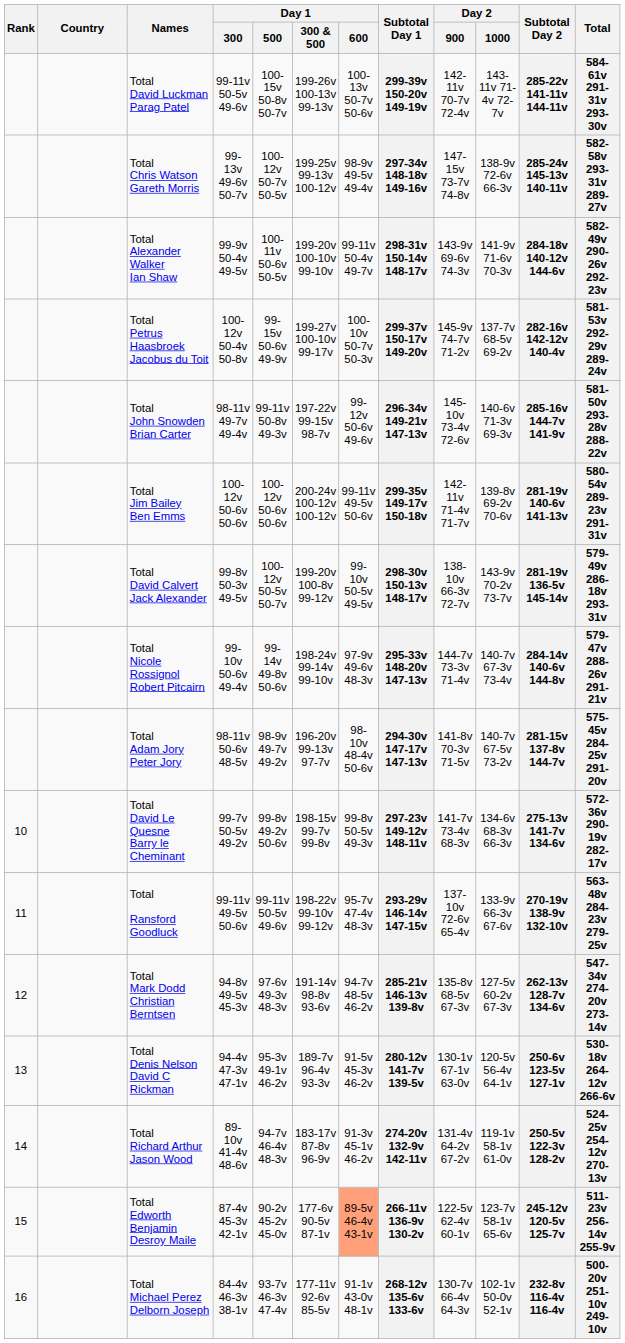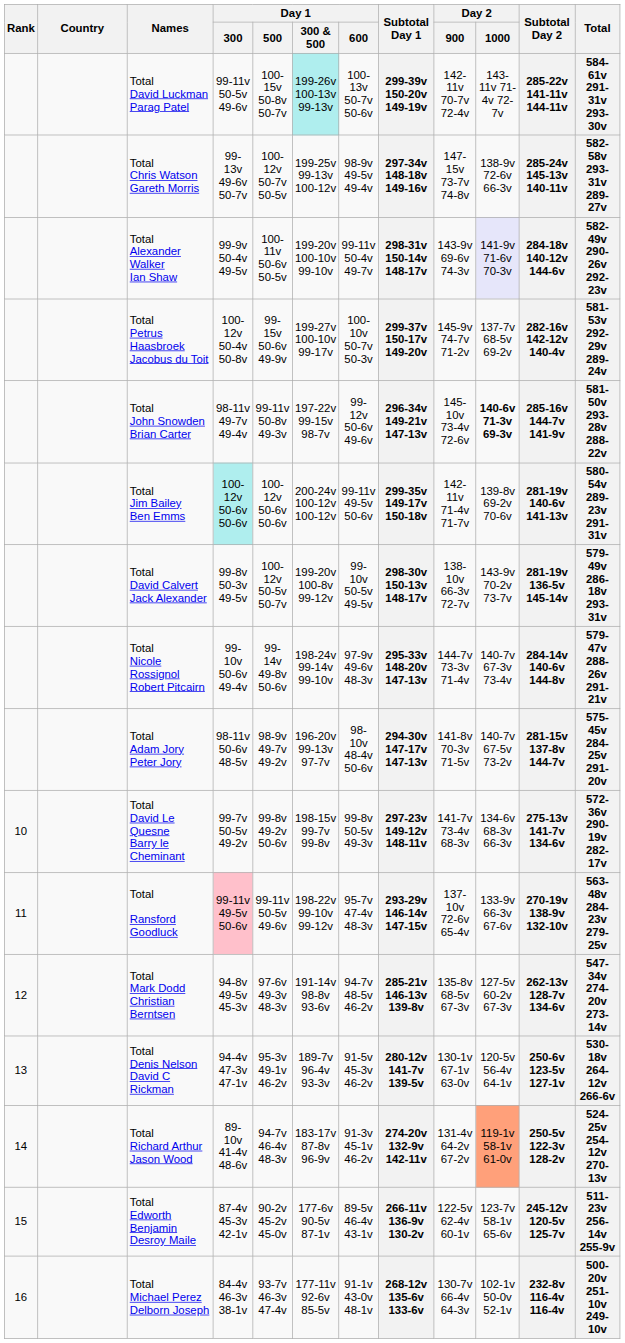 <table class="wikitable sortable" style="text-align:center;">
 <tr>
 <th rowspan=2>Rank</th>
 <th style="width:12em;" rowspan=2>Country</th>
 <th style="width:10em;" rowspan=2>Names</th>
 <th style="width:20em;" colspan=4>Day 1</th>
 <th style="width:5em;" rowspan=2>Subtotal<br>Day 1</th>
 <th style="width:10em;" colspan=2>Day 2</th>
 <th style="width:5em;" rowspan=2>Subtotal<br>Day 2</th>
 <th style="width:5em;" rowspan=2>Total</th>
 </tr>
 <tr>
 <th style="width:3em;">300</th>
 <th style="width:3em;">500</th>
 <th style="width:4em;">300 & 500</th>
 <th style="width:3em;">600</th>
 <th style="width:3em;">900</th>
 <th style="width:3em;">1000</th>
 </tr>
 <tr>
 <td></td>
 <td align=left></td>
 <td align=left>Total<br><a href='#'>David Luckman</a><br><a href='#'>Parag Patel</a></td>
 <td>99-11v 50-5v 49-6v</td>
 <td>100-15v 50-8v 50-7v</td>
-<td>199-26v 100-13v 99-13v</td>
+<td style="background: paleturquoise;">199-26v 100-13v 99-13v</td>
 <td>100-13v 50-7v 50-6v</td>
 <th>299-39v 150-20v 149-19v</th>
 <td>142-11v 70-7v 72-4v</td>
 <td>143-11v 71-4v 72-7v</td>
 <th>285-22v 141-11v 144-11v</th>
 <th>584-61v 291-31v 293-30v</th>
 </tr>
 <tr>
 <td></td>
 <td align=left></td>
 <td align=left>Total<br><a href='#'>Chris Watson</a><br><a href='#'>Gareth Morris</a></td>
 <td>99-13v 49-6v 50-7v</td>
 <td>100-12v 50-7v 50-5v</td>
 <td>199-25v 99-13v 100-12v</td>
 <td>98-9v 49-5v 49-4v</td>
 <th>297-34v 148-18v 149-16v</th>
 <td>147-15v 73-7v 74-8v</td>
 <td>138-9v 72-6v 66-3v</td>
 <th>285-24v 145-13v 140-11v</th>
 <th>582-58v 293-31v 289-27v</th>
 </tr>
 <tr>
 <td></td>
 <td align=left></td>
 <td align=left>Total<br><a href='#'>Alexander Walker</a><br><a href='#'>Ian Shaw</a></td>
 <td>99-9v 50-4v 49-5v</td>
 <td>100-11v 50-6v 50-5v</td>
 <td>199-20v 100-10v 99-10v</td>
 <td>99-11v 50-4v 49-7v</td>
 <th>298-31v 150-14v 148-17v</th>
 <td>143-9v 69-6v 74-3v</td>
-<td>141-9v 71-6v 70-3v</td>
+<td style="background: lavender;">141-9v 71-6v 70-3v</td>
 <th>284-18v 140-12v 144-6v</th>
 <th>582-49v 290-26v 292-23v</th>
 </tr>
 <tr>
 <td></td>
 <td align=left></td>
 <td align=left>Total<br><a href='#'>Petrus Haasbroek</a><br><a href='#'>Jacobus du Toit</a></td>
 <td>100-12v 50-4v 50-8v</td>
 <td>99-15v 50-6v 49-9v</td>
 <td>199-27v 100-10v 99-17v</td>
 <td>100-10v 50-7v 50-3v</td>
 <th>299-37v 150-17v 149-20v</th>
 <td>145-9v 74-7v 71-2v</td>
 <td>137-7v 68-5v 69-2v</td>
 <th>282-16v 142-12v 140-4v</th>
 <th>581-53v 292-29v 289-24v</th>
 </tr>
 <tr>
 <td></td>
 <td align=left></td>
 <td align=left>Total<br><a href='#'>John Snowden</a><br><a href='#'>Brian Carter</a></td>
 <td>98-11v 49-7v 49-4v</td>
 <td>99-11v 50-8v 49-3v</td>
 <td>197-22v 99-15v 98-7v</td>
 <td>99-12v 50-6v 49-6v</td>
 <th>296-34v 149-21v 147-13v</th>
 <td>145-10v 73-4v 72-6v</td>
-<td>140-6v 71-3v 69-3v</td>
+<td><strong>140-6v 71-3v 69-3v</strong></td>
 <th>285-16v 144-7v 141-9v</th>
 <th>581-50v 293-28v 288-22v</th>
 </tr>
 <tr>
 <td></td>
 <td align=left></td>
 <td align=left>Total<br><a href='#'>Jim Bailey</a><br><a href='#'>Ben Emms</a></td>
-<td>100-12v 50-6v 50-6v</td>
+<td style="background: paleturquoise;">100-12v 50-6v 50-6v</td>
 <td>100-12v 50-6v 50-6v</td>
 <td>200-24v 100-12v 100-12v</td>
 <td>99-11v 49-5v 50-6v</td>
 <th>299-35v 149-17v 150-18v</th>
 <td>142-11v 71-4v 71-7v</td>
 <td>139-8v 69-2v 70-6v</td>
 <th>281-19v 140-6v 141-13v</th>
 <th>580-54v 289-23v 291-31v</th>
 </tr>
 <tr>
 <td></td>
 <td align=left></td>
 <td align=left>Total<br><a href='#'>David Calvert</a><br><a href='#'>Jack Alexander</a></td>
 <td>99-8v 50-3v 49-5v</td>
 <td>100-12v 50-5v 50-7v</td>
 <td>199-20v 100-8v 99-12v</td>
 <td>99-10v 50-5v 49-5v</td>
 <th>298-30v 150-13v 148-17v</th>
 <td>138-10v 66-3v 72-7v</td>
 <td>143-9v 70-2v 73-7v</td>
 <th>281-19v 136-5v 145-14v</th>
 <th>579-49v 286-18v 293-31v</th>
 </tr>
 <tr>
 <td></td>
 <td align=left></td>
 <td align=left>Total<br><a href='#'>Nicole Rossignol</a><br><a href='#'>Robert Pitcairn</a></td>
 <td>99-10v 50-6v 49-4v</td>
 <td>99-14v 49-8v 50-6v</td>
 <td>198-24v 99-14v 99-10v</td>
 <td>97-9v 49-6v 48-3v</td>
 <th>295-33v 148-20v 147-13v</th>
 <td>144-7v 73-3v 71-4v</td>
 <td>140-7v 67-3v 73-4v</td>
 <th>284-14v 140-6v 144-8v</th>
 <th>579-47v 288-26v 291-21v</th>
 </tr>
 <tr>
 <td></td>
 <td align=left></td>
 <td align=left>Total<br><a href='#'>Adam Jory</a><br><a href='#'>Peter Jory</a></td>
 <td>98-11v 50-6v 48-5v</td>
 <td>98-9v 49-7v 49-2v</td>
 <td>196-20v 99-13v 97-7v</td>
 <td>98-10v 48-4v 50-6v</td>
 <th>294-30v 147-17v 147-13v</th>
 <td>141-8v 70-3v 71-5v</td>
 <td>140-7v 67-5v 73-2v</td>
 <th>281-15v 137-8v 144-7v</th>
 <th>575-45v 284-25v 291-20v</th>
 </tr>
 <tr>
 <td>10</td>
 <td align=left></td>
 <td align=left>Total<br><a href='#'>David Le Quesne</a><br><a href='#'>Barry le Cheminant</a></td>
 <td>99-7v 50-5v 49-2v</td>
 <td>99-8v 49-2v 50-6v</td>
 <td>198-15v 99-7v 99-8v</td>
 <td>99-8v 50-5v 49-3v</td>
 <th>297-23v 149-12v 148-11v</th>
 <td>141-7v 73-4v 68-3v</td>
 <td>134-6v 68-3v 66-3v</td>
 <th>275-13v 141-7v 134-6v</th>
 <th>572-36v 290-19v 282-17v</th>
 </tr>
 <tr>
 <td>11</td>
 <td align=left></td>
 <td align=left>Total<br><br><a href='#'>Ransford Goodluck</a></td>
-<td>99-11v 49-5v 50-6v</td>
+<td style="background: pink;">99-11v 49-5v 50-6v</td>
 <td>99-11v 50-5v 49-6v</td>
 <td>198-22v 99-10v 99-12v</td>
 <td>95-7v 47-4v 48-3v</td>
 <th>293-29v 146-14v 147-15v</th>
 <td>137-10v 72-6v 65-4v</td>
 <td>133-9v 66-3v 67-6v</td>
 <th>270-19v 138-9v 132-10v</th>
 <th>563-48v 284-23v 279-25v</th>
 </tr>
 <tr>
 <td>12</td>
 <td align=left></td>
 <td align=left>Total<br><a href='#'>Mark Dodd</a><br><a href='#'>Christian Berntsen</a></td>
 <td>94-8v 49-5v 45-3v</td>
 <td>97-6v 49-3v 48-3v</td>
 <td>191-14v 98-8v 93-6v</td>
 <td>94-7v 48-5v 46-2v</td>
 <th>285-21v 146-13v 139-8v</th>
 <td>135-8v 68-5v 67-3v</td>
 <td>127-5v 60-2v 67-3v</td>
 <th>262-13v 128-7v 134-6v</th>
 <th>547-34v 274-20v 273-14v</th>
 </tr>
 <tr>
 <td>13</td>
 <td align=left></td>
 <td align=left>Total<br><a href='#'>Denis Nelson</a><br><a href='#'>David C Rickman</a></td>
 <td>94-4v 47-3v 47-1v</td>
 <td>95-3v 49-1v 46-2v</td>
 <td>189-7v 96-4v 93-3v</td>
 <td>91-5v 45-3v 46-2v</td>
 <th>280-12v 141-7v 139-5v</th>
 <td>130-1v 67-1v 63-0v</td>
 <td>120-5v 56-4v 64-1v</td>
 <th>250-6v 123-5v 127-1v</th>
 <th>530-18v 264-12v 266-6v</th>
 </tr>
 <tr>
 <td>14</td>
 <td align=left></td>
 <td align=left>Total<br><a href='#'>Richard Arthur</a><br><a href='#'>Jason Wood</a></td>
 <td>89-10v 41-4v 48-6v</td>
 <td>94-7v 46-4v 48-3v</td>
 <td>183-17v 87-8v 96-9v</td>
 <td>91-3v 45-1v 46-2v</td>
 <th>274-20v 132-9v 142-11v</th>
 <td>131-4v 64-2v 67-2v</td>
-<td>119-1v 58-1v 61-0v</td>
+<td style="background: lightsalmon;">119-1v 58-1v 61-0v</td>
 <th>250-5v 122-3v 128-2v</th>
 <th>524-25v 254-12v 270-13v</th>
 </tr>
 <tr>
 <td>15</td>
 <td align=left></td>
 <td align=left>Total<br><a href='#'>Edworth Benjamin</a><br><a href='#'>Desroy Maile</a></td>
 <td>87-4v 45-3v 42-1v</td>
 <td>90-2v 45-2v 45-0v</td>
 <td>177-6v 90-5v 87-1v</td>
-<td style="background: lightsalmon;">89-5v 46-4v 43-1v</td>
+<td>89-5v 46-4v 43-1v</td>
 <th>266-11v 136-9v 130-2v</th>
 <td>122-5v 62-4v 60-1v</td>
 <td>123-7v 58-1v 65-6v</td>
 <th>245-12v 120-5v 125-7v</th>
 <th>511-23v 256-14v 255-9v</th>
 </tr>
 <tr>
 <td>16</td>
 <td align=left></td>
 <td align=left>Total<br><a href='#'>Michael Perez</a><br><a href='#'>Delborn Joseph</a></td>
 <td>84-4v 46-3v 38-1v</td>
 <td>93-7v 46-3v 47-4v</td>
 <td>177-11v 92-6v 85-5v</td>
 <td>91-1v 43-0v 48-1v</td>
 <th>268-12v 135-6v 133-6v</th>
 <td>130-7v 66-4v 64-3v</td>
 <td>102-1v 50-0v 52-1v</td>
 <th>232-8v 116-4v 116-4v</th>
 <th>500-20v 251-10v 249-10v</th>
 </tr>
 </table>
